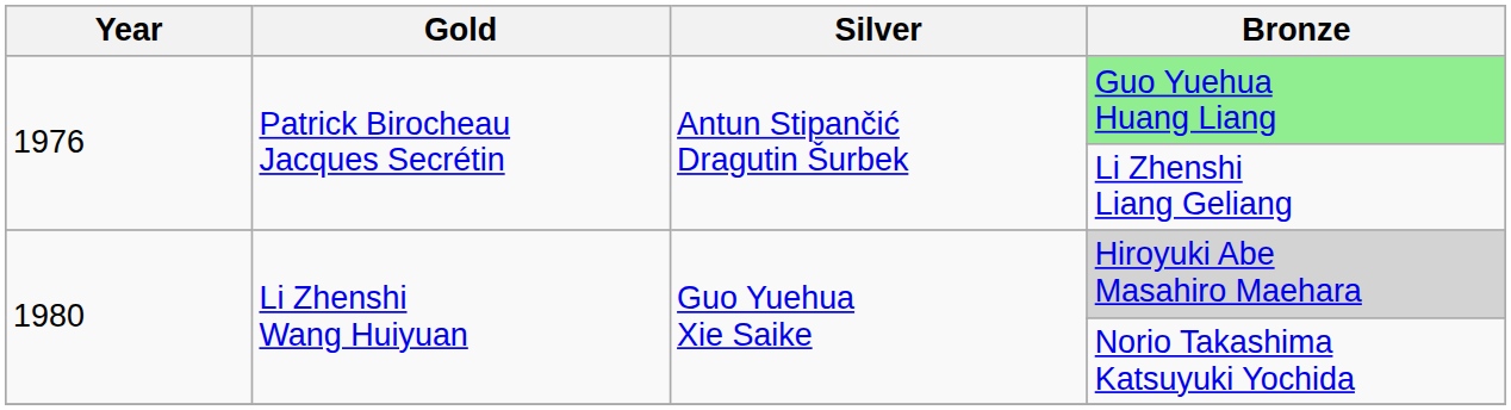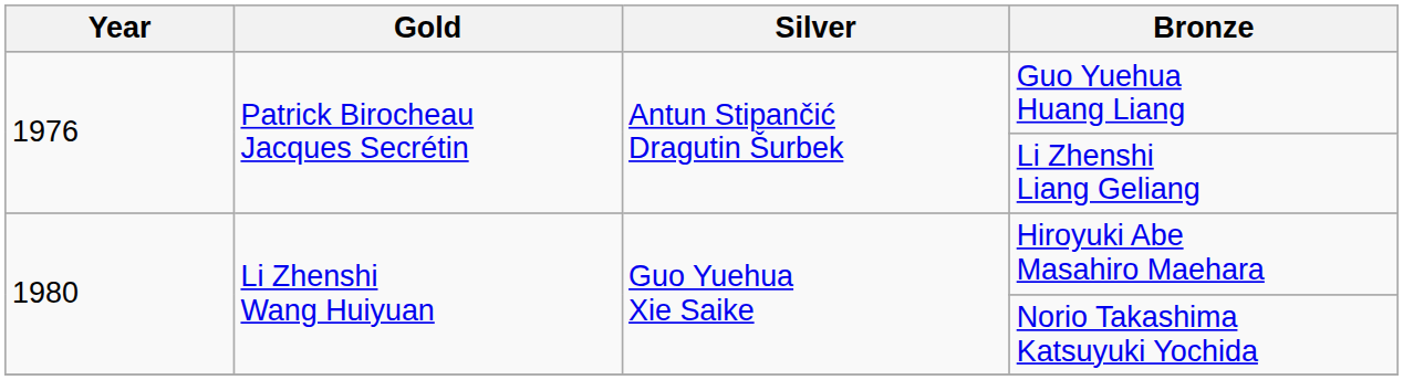 <table class="wikitable" style="text-align: left; width: 750px;">
 <tr>
 <th width="100">Year</th>
 <th width="175">Gold</th>
 <th width="175">Silver</th>
 <th width="175">Bronze</th>
 </tr>
 <tr>
 <td rowspan=2>1976</td>
 <td rowspan=2> <a href='#'>Patrick Birocheau</a><br> <a href='#'>Jacques Secrétin</a></td>
 <td rowspan=2> <a href='#'>Antun Stipančić</a><br> <a href='#'>Dragutin Šurbek</a></td>
-<td style="background: lightgreen;"> <a href='#'>Guo Yuehua</a><br> <a href='#'>Huang Liang</a></td>
+<td> <a href='#'>Guo Yuehua</a><br> <a href='#'>Huang Liang</a></td>
 </tr>
 <tr>
 <td> <a href='#'>Li Zhenshi</a><br> <a href='#'>Liang Geliang</a></td>
 </tr>
 <tr>
 <td rowspan=2>1980</td>
 <td rowspan=2> <a href='#'>Li Zhenshi</a><br> <a href='#'>Wang Huiyuan</a></td>
 <td rowspan=2> <a href='#'>Guo Yuehua</a><br> <a href='#'>Xie Saike</a></td>
-<td style="background: lightgrey;"> <a href='#'>Hiroyuki Abe</a><br> <a href='#'>Masahiro Maehara</a></td>
+<td> <a href='#'>Hiroyuki Abe</a><br> <a href='#'>Masahiro Maehara</a></td>
 </tr>
 <tr>
 <td> <a href='#'>Norio Takashima</a><br> <a href='#'>Katsuyuki Yochida</a></td>
 </tr>
 <tr>
 </tr>
 </table>
